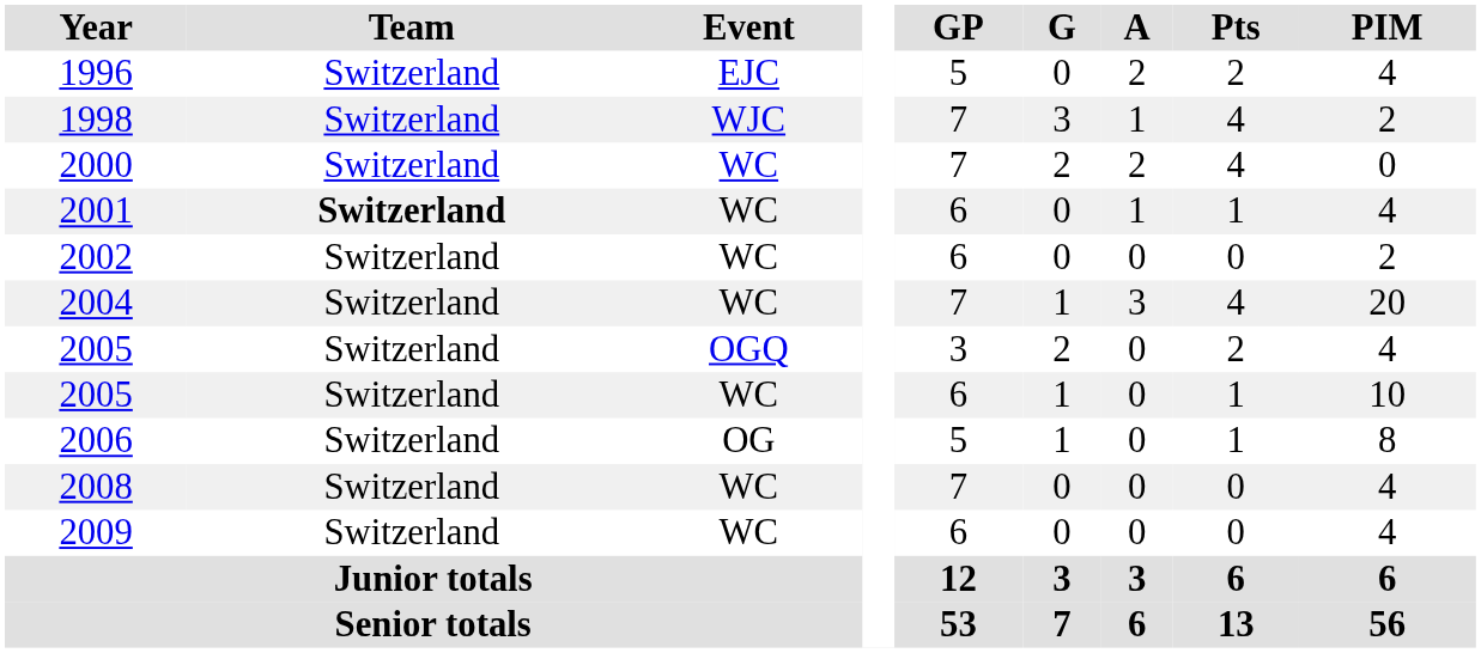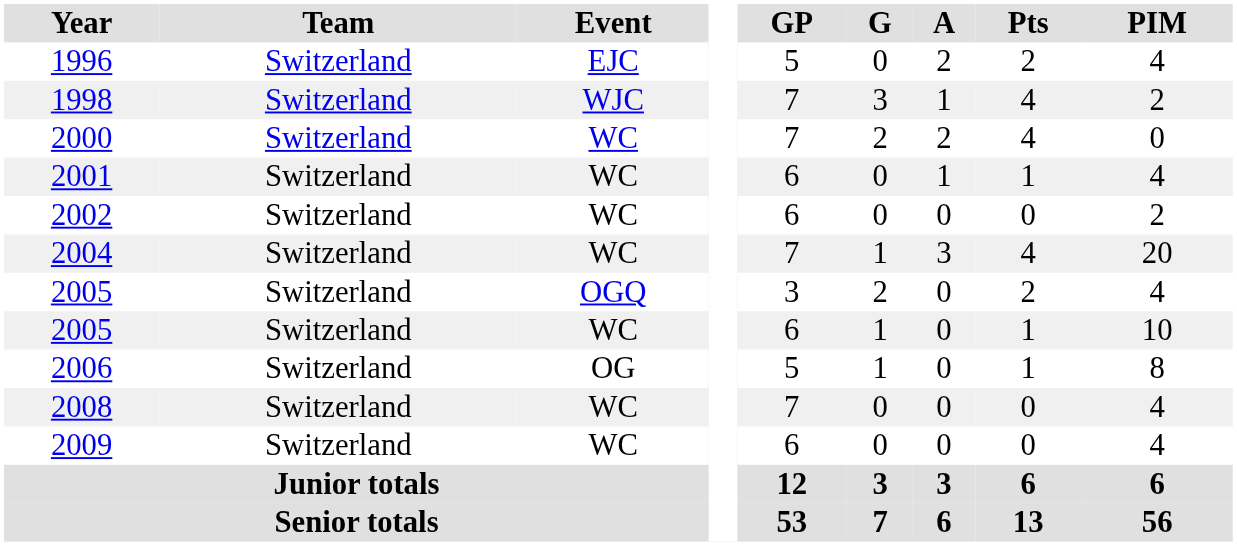 <table border="0" cellpadding="1" cellspacing="0" style="text-align:center; width:40em">
 <tr ALIGN="center" bgcolor="#e0e0e0">
 <th>Year</th>
 <th>Team</th>
 <th>Event</th>
 <th ALIGN="center" rowspan="99" bgcolor="#ffffff"> </th>
 <th>GP</th>
 <th>G</th>
 <th>A</th>
 <th>Pts</th>
 <th>PIM</th>
 </tr>
 <tr>
 <td><a href='#'>1996</a></td>
 <td><a href='#'>Switzerland</a></td>
 <td><a href='#'>EJC</a></td>
 <td>5</td>
 <td>0</td>
 <td>2</td>
 <td>2</td>
 <td>4</td>
 </tr>
 <tr bgcolor="#f0f0f0">
 <td><a href='#'>1998</a></td>
 <td><a href='#'>Switzerland</a></td>
 <td><a href='#'>WJC</a></td>
 <td>7</td>
 <td>3</td>
 <td>1</td>
 <td>4</td>
 <td>2</td>
 </tr>
 <tr>
 <td><a href='#'>2000</a></td>
 <td><a href='#'>Switzerland</a></td>
 <td><a href='#'>WC</a></td>
 <td>7</td>
 <td>2</td>
 <td>2</td>
 <td>4</td>
 <td>0</td>
 </tr>
 <tr bgcolor="#f0f0f0">
 <td><a href='#'>2001</a></td>
-<td><strong>Switzerland</strong></td>
+<td>Switzerland</td>
 <td>WC</td>
 <td>6</td>
 <td>0</td>
 <td>1</td>
 <td>1</td>
 <td>4</td>
 </tr>
 <tr>
 <td><a href='#'>2002</a></td>
 <td>Switzerland</td>
 <td>WC</td>
 <td>6</td>
 <td>0</td>
 <td>0</td>
 <td>0</td>
 <td>2</td>
 </tr>
 <tr bgcolor="#f0f0f0">
 <td><a href='#'>2004</a></td>
 <td>Switzerland</td>
 <td>WC</td>
 <td>7</td>
 <td>1</td>
 <td>3</td>
 <td>4</td>
 <td>20</td>
 </tr>
 <tr>
 <td><a href='#'>2005</a></td>
 <td>Switzerland</td>
 <td><a href='#'>OGQ</a></td>
 <td>3</td>
 <td>2</td>
 <td>0</td>
 <td>2</td>
 <td>4</td>
 </tr>
 <tr bgcolor="#f0f0f0">
 <td><a href='#'>2005</a></td>
 <td>Switzerland</td>
 <td>WC</td>
 <td>6</td>
 <td>1</td>
 <td>0</td>
 <td>1</td>
 <td>10</td>
 </tr>
 <tr>
 <td><a href='#'>2006</a></td>
 <td>Switzerland</td>
 <td>OG</td>
 <td>5</td>
 <td>1</td>
 <td>0</td>
 <td>1</td>
 <td>8</td>
 </tr>
 <tr bgcolor="#f0f0f0">
 <td><a href='#'>2008</a></td>
 <td>Switzerland</td>
 <td>WC</td>
 <td>7</td>
 <td>0</td>
 <td>0</td>
 <td>0</td>
 <td>4</td>
 </tr>
 <tr>
 <td><a href='#'>2009</a></td>
 <td>Switzerland</td>
 <td>WC</td>
 <td>6</td>
 <td>0</td>
 <td>0</td>
 <td>0</td>
 <td>4</td>
 </tr>
 <tr bgcolor="#e0e0e0">
 <th colspan="3">Junior totals</th>
 <th>12</th>
 <th>3</th>
 <th>3</th>
 <th>6</th>
 <th>6</th>
 </tr>
 <tr bgcolor="#e0e0e0">
 <th colspan="3">Senior totals</th>
 <th>53</th>
 <th>7</th>
 <th>6</th>
 <th>13</th>
 <th>56</th>
 </tr>
 </table>
